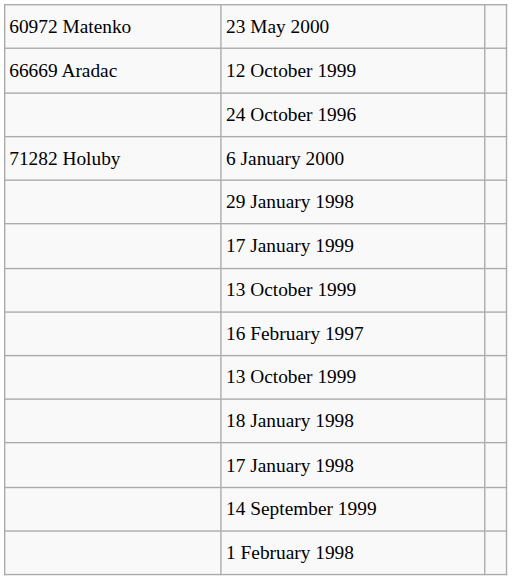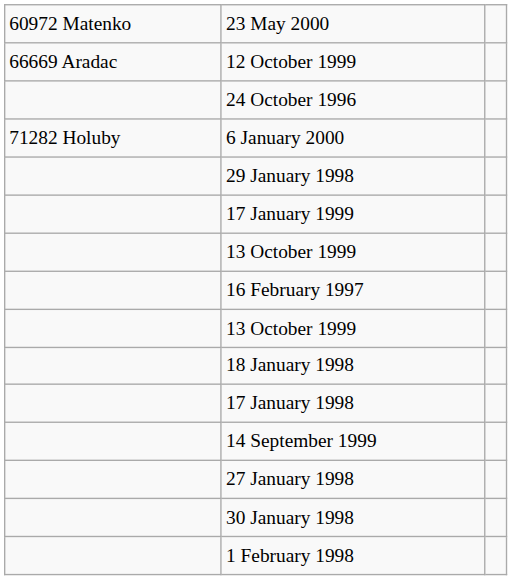 <table class="wikitable" style="font-size: 89%; float: left; width: 26em; margin-right: 1em; height: 420px; height: 420px;">
 <tr>
 <td>60972 Matenko</td>
 <td>23 May 2000</td>
 <td> </td>
 </tr>
 <tr>
 <td>66669 Aradac</td>
 <td>12 October 1999</td>
 <td> </td>
 </tr>
 <tr>
 <td></td>
 <td>24 October 1996</td>
 <td> </td>
 </tr>
 <tr>
 <td>71282 Holuby</td>
 <td>6 January 2000</td>
 <td> </td>
 </tr>
 <tr>
 <td></td>
 <td>29 January 1998</td>
 <td> </td>
 </tr>
 <tr>
 <td></td>
 <td>17 January 1999</td>
 <td> </td>
 </tr>
 <tr>
 <td></td>
 <td>13 October 1999</td>
 <td> </td>
 </tr>
 <tr>
 <td></td>
 <td>16 February 1997</td>
 <td> </td>
 </tr>
 <tr>
 <td></td>
 <td>13 October 1999</td>
 <td> </td>
 </tr>
 <tr>
 <td></td>
 <td>18 January 1998</td>
 <td> </td>
 </tr>
 <tr>
 <td></td>
 <td>17 January 1998</td>
 <td> </td>
 </tr>
 <tr>
 <td></td>
 <td>14 September 1999</td>
 <td> </td>
 </tr>
 <tr>
 <td></td>
+<td>27 January 1998</td>
+<td> </td>
+</tr>
+<tr>
+<td></td>
+<td>30 January 1998</td>
+<td> </td>
+</tr>
+<tr>
+<td></td>
 <td>1 February 1998</td>
 <td> </td>
 </tr>
 </table>
